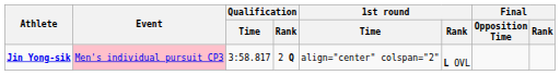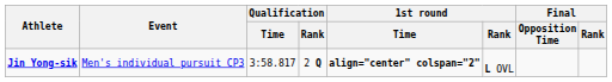 <table class=wikitable style="font-size:90%">
 <tr>
 <th rowspan="2">Athlete</th>
 <th rowspan="2">Event</th>
 <th colspan="2">Qualification</th>
 <th colspan="2">1st round</th>
 <th colspan="2">Final</th>
 </tr>
 <tr>
 <th>Time</th>
 <th>Rank</th>
 <th>Time</th>
 <th>Rank</th>
 <th>Opposition<br>Time</th>
 <th>Rank</th>
 </tr>
 <tr>
 <td><strong><a href='#'>Jin Yong-sik</a></strong></td>
-<td style="background: pink;"><a href='#'>Men's individual pursuit CP3</a></td>
+<td><a href='#'>Men's individual pursuit CP3</a></td>
 <td align="center">3:58.817</td>
 <td align="center">2 <strong>Q</strong></td>
-<td>align="center" colspan="2" </td>
+<td><strong>align="center" colspan="2" </strong></td>
 <td align="center"><br> <strong>L</strong> OVL</td>
 <td align="center"></td>
 </tr>
 </table>
